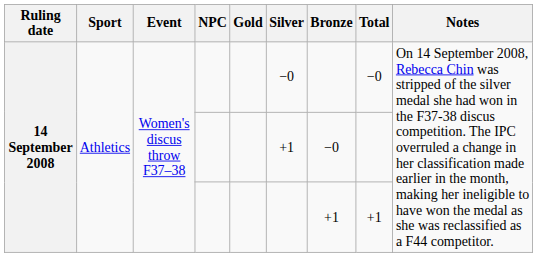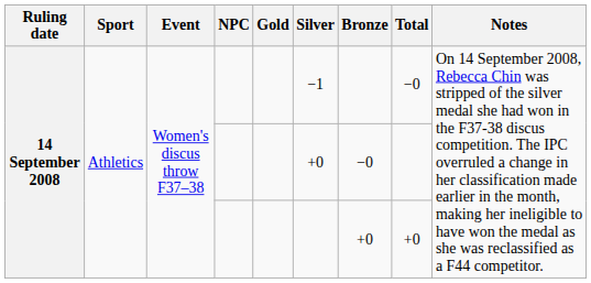 <table class="wikitable plainrowheaders" style="text-align:center">
 <tr>
 <th scope="col">Ruling date</th>
 <th scope="col">Sport</th>
 <th scope="col">Event</th>
 <th scope="col">NPC</th>
 <th scope="col">Gold</th>
 <th scope="col">Silver</th>
 <th scope="col">Bronze</th>
 <th scope="col">Total</th>
 <th scope="col">Notes</th>
 </tr>
 <tr>
 <th scope="row" rowspan=3>14 September 2008</th>
 <td rowspan=3><a href='#'>Athletics</a></td>
 <td rowspan=3><a href='#'>Women's discus throw F37–38</a></td>
 <td align=left></td>
 <td></td>
-<td>−0</td>
+<td>−1</td>
 <td></td>
 <td>−0</td>
 <td rowspan=3 style="text-align:left;">On 14 September 2008, <a href='#'>Rebecca Chin</a> was stripped of the silver medal she had won in the F37-38 discus competition. The IPC overruled a change in her classification made earlier in the month, making her ineligible to have won the medal as she was reclassified as a F44 competitor.</td>
 </tr>
 <tr>
 <td align=left></td>
 <td></td>
-<td>+1</td>
+<td>+0</td>
 <td>−0</td>
 <td></td>
 </tr>
 <tr>
 <td align=left></td>
 <td></td>
 <td></td>
-<td>+1</td>
-<td>+1</td>
+<td>+0</td>
+<td>+0</td>
 </tr>
 </table>
